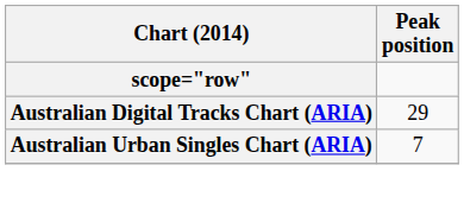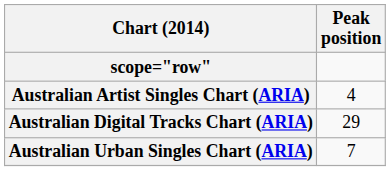 <table class="wikitable plainrowheaders sortable" style="text-align:center;">
 <tr>
 <th scope="col">Chart (2014)</th>
 <th scope="col">Peak<br>position</th>
 </tr>
 <tr>
 <th>scope="row"</th>
+</tr>
+<tr>
+<th scope="row">Australian Artist Singles Chart (<a href='#'>ARIA</a>)</th>
+<td>4</td>
 </tr>
 <tr>
 <th scope="row">Australian Digital Tracks Chart (<a href='#'>ARIA</a>)</th>
 <td>29</td>
 </tr>
 <tr>
 <th scope="row">Australian Urban Singles Chart (<a href='#'>ARIA</a>)</th>
 <td>7</td>
 </tr>
 <tr>
 </tr>
 </table>
